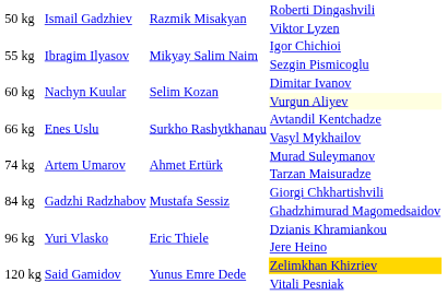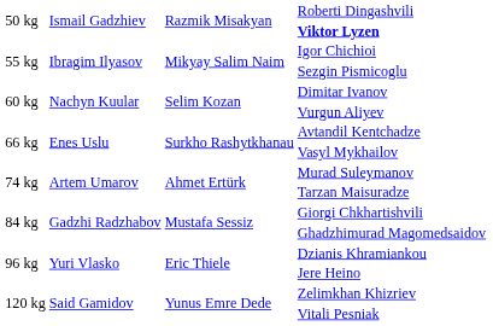 <table>
 <tr>
 <td rowspan=2>50 kg</td>
 <td rowspan=2> <a href='#'>Ismail Gadzhiev</a></td>
 <td rowspan=2> <a href='#'>Razmik Misakyan</a></td>
 <td> <a href='#'>Roberti Dingashvili</a></td>
 </tr>
 <tr>
-<td><a href='#'>Viktor Lyzen</a></td>
+<td><strong><a href='#'>Viktor Lyzen</a></strong></td>
 </tr>
 <tr>
 <td rowspan=2>55 kg</td>
 <td rowspan=2> <a href='#'>Ibragim Ilyasov</a></td>
 <td rowspan=2> <a href='#'>Mikyay Salim Naim</a></td>
 <td> <a href='#'>Igor Chichioi</a></td>
 </tr>
 <tr>
 <td> <a href='#'>Sezgin Pismicoglu</a></td>
 </tr>
 <tr>
 <td rowspan=2>60 kg</td>
 <td rowspan=2> <a href='#'>Nachyn Kuular</a></td>
 <td rowspan=2> <a href='#'>Selim Kozan</a></td>
 <td> <a href='#'>Dimitar Ivanov</a></td>
 </tr>
 <tr>
-<td style="background: lightyellow;"> <a href='#'>Vurgun Aliyev</a></td>
+<td> <a href='#'>Vurgun Aliyev</a></td>
 </tr>
 <tr>
 <td rowspan=2>66 kg</td>
 <td rowspan=2> <a href='#'>Enes Uslu</a></td>
 <td rowspan=2> <a href='#'>Surkho Rashytkhanau</a></td>
 <td> <a href='#'>Avtandil Kentchadze</a></td>
 </tr>
 <tr>
 <td> <a href='#'>Vasyl Mykhailov</a></td>
 </tr>
 <tr>
 <td rowspan=2>74 kg</td>
 <td rowspan=2> <a href='#'>Artem Umarov</a></td>
 <td rowspan=2> <a href='#'>Ahmet Ertürk</a></td>
 <td> <a href='#'>Murad Suleymanov</a></td>
 </tr>
 <tr>
 <td> <a href='#'>Tarzan Maisuradze</a></td>
 </tr>
 <tr>
 <td rowspan=2>84 kg</td>
 <td rowspan=2> <a href='#'>Gadzhi Radzhabov</a></td>
 <td rowspan=2> <a href='#'>Mustafa Sessiz</a></td>
 <td> <a href='#'>Giorgi Chkhartishvili</a></td>
 </tr>
 <tr>
 <td> <a href='#'>Ghadzhimurad Magomedsaidov</a></td>
 </tr>
 <tr>
 <td rowspan=2>96 kg</td>
 <td rowspan=2> <a href='#'>Yuri Vlasko</a></td>
 <td rowspan=2> <a href='#'>Eric Thiele</a></td>
 <td> <a href='#'>Dzianis Khramiankou</a></td>
 </tr>
 <tr>
 <td> <a href='#'>Jere Heino</a></td>
 </tr>
 <tr>
 <td rowspan=2>120 kg</td>
 <td rowspan=2> <a href='#'>Said Gamidov</a></td>
 <td rowspan=2> <a href='#'>Yunus Emre Dede</a></td>
-<td style="background: gold;"> <a href='#'>Zelimkhan Khizriev</a></td>
+<td> <a href='#'>Zelimkhan Khizriev</a></td>
 </tr>
 <tr>
 <td> <a href='#'>Vitali Pesniak</a></td>
 </tr>
 </table>
